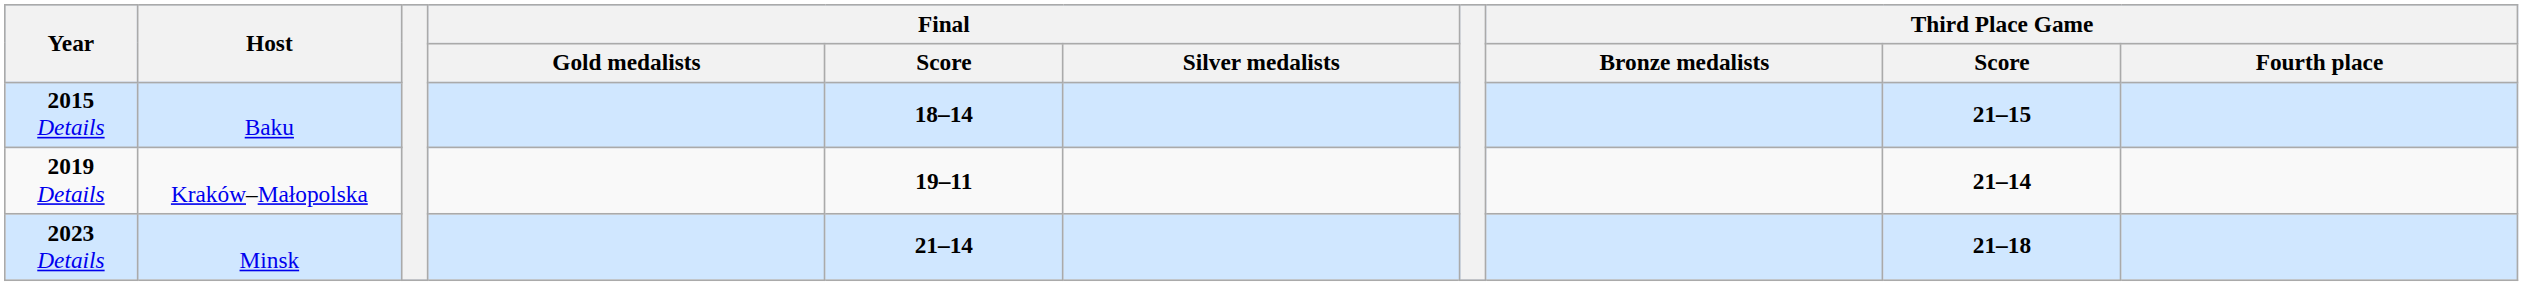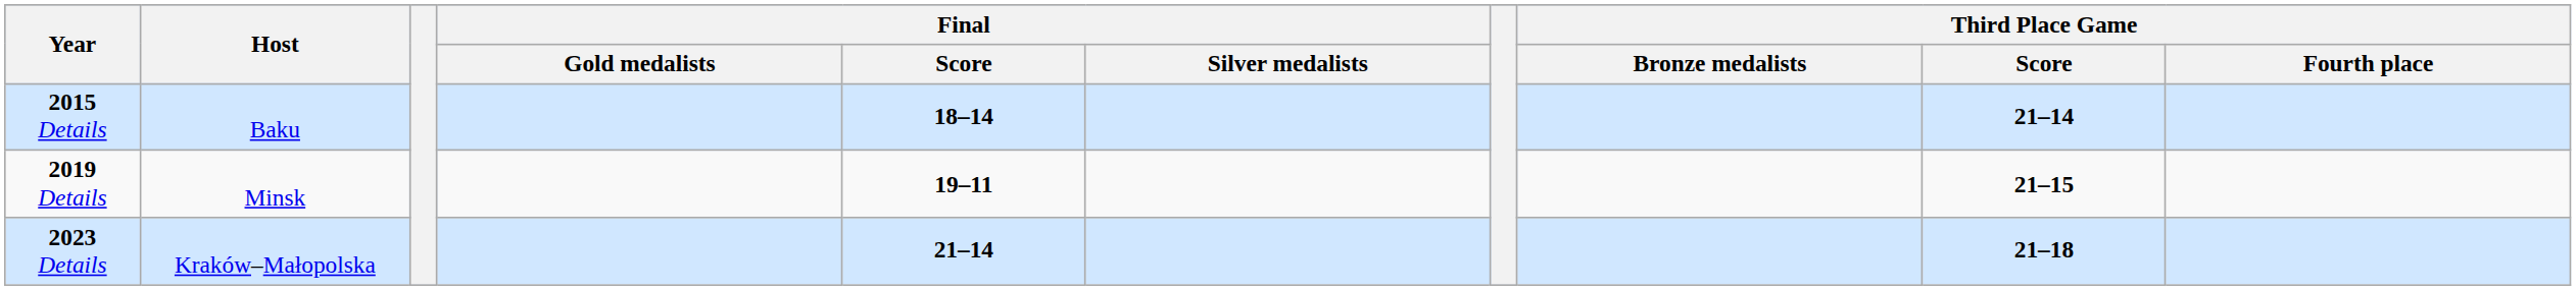 <table class="wikitable" style="font-size:90%; width: 98%; text-align: center;">
 <tr bgcolor=#C1D8FF>
 <th rowspan=2 width=5%>Year</th>
 <th rowspan=2 width=10%>Host</th>
 <th rowspan="5" width="1%" bgcolor="ffffff"></th>
 <th colspan=3>Final</th>
 <th rowspan="5" width="1%" bgcolor="ffffff"></th>
 <th colspan=3>Third Place Game</th>
 </tr>
 <tr bgcolor=#EFEFEF>
 <th width=15%>Gold medalists</th>
 <th width=9%>Score</th>
 <th width=15%>Silver medalists</th>
 <th width=15%>Bronze medalists</th>
 <th width=9%>Score</th>
 <th width=15%>Fourth place</th>
 </tr>
 <tr bgcolor=#D0E7FF>
 <td><strong>2015</strong><br><em><a href='#'>Details</a></em></td>
 <td> <br><a href='#'>Baku</a></td>
 <td><strong></strong></td>
 <td><strong>18–14</strong></td>
 <td></td>
 <td></td>
-<td><strong>21–15</strong></td>
+<td><strong>21–14</strong></td>
 <td></td>
 </tr>
 <tr>
 <td><strong>2019</strong><br><em><a href='#'>Details</a></em></td>
-<td><br><a href='#'>Kraków</a>–<a href='#'>Małopolska</a></td>
+<td><br><a href='#'>Minsk</a></td>
 <td><strong></strong></td>
 <td><strong>19–11</strong></td>
 <td></td>
 <td></td>
-<td><strong>21–14</strong></td>
+<td><strong>21–15</strong></td>
 <td></td>
 </tr>
 <tr bgcolor=#D0E7FF>
 <td><strong>2023</strong><br><em><a href='#'>Details</a></em></td>
-<td><br><a href='#'>Minsk</a></td>
+<td><br><a href='#'>Kraków</a>–<a href='#'>Małopolska</a></td>
 <td><strong></strong></td>
 <td><strong>21–14</strong></td>
 <td></td>
 <td></td>
 <td><strong>21–18</strong></td>
 <td></td>
 </tr>
 </table>
